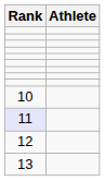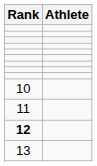 <table class="wikitable sortable" style="text-align:center">
 <tr>
 <th>Rank</th>
 <th>Athlete</th>
 </tr>
 <tr>
 <td></td>
 <td align=left></td>
 </tr>
 <tr>
 <td></td>
 <td align=left></td>
 </tr>
 <tr>
 <td></td>
 <td align=left></td>
 </tr>
 <tr>
 <td></td>
 <td align=left></td>
 </tr>
 <tr>
 <td></td>
 <td align=left></td>
 </tr>
 <tr>
 <td></td>
 <td align=left></td>
 </tr>
 <tr>
 <td></td>
 <td align=left></td>
 </tr>
 <tr>
 <td></td>
 <td align=left></td>
 </tr>
 <tr>
 <td></td>
 <td align=left></td>
 </tr>
 <tr>
 <td>10</td>
 <td align=left></td>
 </tr>
 <tr>
-<td style="background: lavender;">11</td>
+<td>11</td>
 <td align=left></td>
 </tr>
 <tr>
-<td>12</td>
+<td><strong>12</strong></td>
 <td align=left></td>
 </tr>
 <tr>
 <td>13</td>
 <td align=left></td>
 </tr>
 </table>
